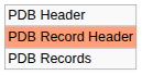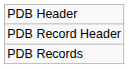 <table class="wikitable" border="1">
 <tr>
 <td>PDB Header</td>
 </tr>
 <tr>
-<td style="background: lightsalmon;">PDB Record Header</td>
+<td>PDB Record Header</td>
 </tr>
 <tr>
 <td>PDB Records</td>
 </tr>
 </table>
